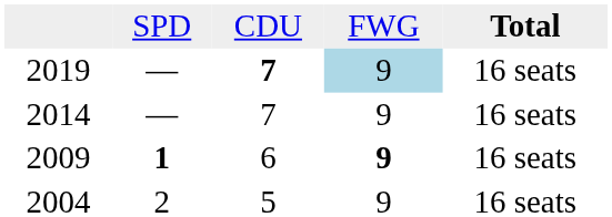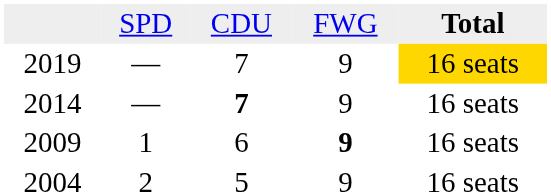 <table border="0" cellpadding="2" cellspacing="0" width="300">
 <tr bgcolor="#eeeeee" align="center">
 <td> </td>
 <td><a href='#'>SPD</a></td>
 <td><a href='#'>CDU</a></td>
 <td><a href='#'>FWG</a></td>
 <td><strong>Total</strong></td>
 </tr>
 <tr align="center">
 <td>2019</td>
 <td>—</td>
-<td><strong>7</strong></td>
-<td style="background: lightblue;">9</td>
-<td>16 seats</td>
+<td>7</td>
+<td>9</td>
+<td style="background: gold;">16 seats</td>
 </tr>
 <tr align="center">
 <td>2014</td>
 <td>—</td>
-<td>7</td>
+<td><strong>7</strong></td>
 <td>9</td>
 <td>16 seats</td>
 </tr>
 <tr align="center">
 <td>2009</td>
-<td><strong>1</strong></td>
+<td>1</td>
 <td>6</td>
 <td><strong>9</strong></td>
 <td>16 seats</td>
 </tr>
 <tr align="center">
 <td>2004</td>
 <td>2</td>
 <td>5</td>
 <td>9</td>
 <td>16 seats</td>
 </tr>
 </table>
